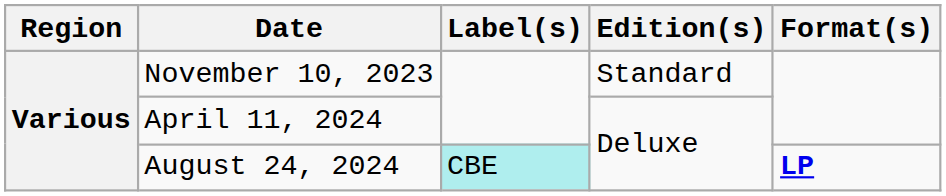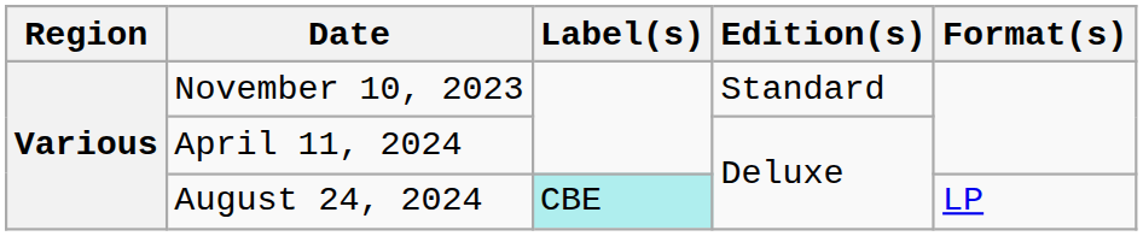 <table class="wikitable plainrowheaders">
 <tr>
 <th scope="col">Region</th>
 <th scope="col">Date</th>
 <th scope="col">Label(s)</th>
 <th scope="col">Edition(s)</th>
 <th scope="col">Format(s)</th>
 </tr>
 <tr>
 <th scope="row" rowspan="4">Various</th>
 <td>November 10, 2023</td>
 <td rowspan="2"></td>
 <td>Standard</td>
 <td rowspan="2"></td>
 </tr>
 <tr>
 <td>April 11, 2024</td>
 <td rowspan="3">Deluxe</td>
 </tr>
 <tr>
 <td>August 24, 2024</td>
 <td style="background: paleturquoise;">CBE</td>
-<td><strong><a href='#'>LP</a></strong></td>
+<td><a href='#'>LP</a></td>
 </tr>
 </table>
